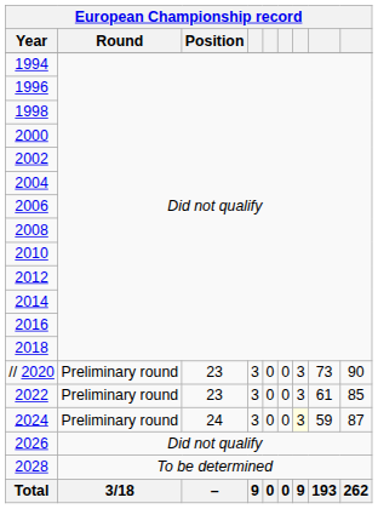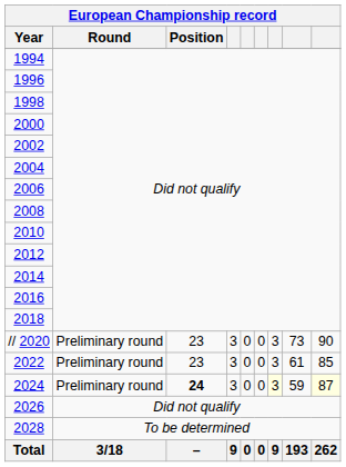 <table class="wikitable" style="text-align: center;">
 <tr>
 <th colspan=9><a href='#'>European Championship record</a></th>
 </tr>
 <tr>
 <th>Year</th>
 <th>Round</th>
 <th>Position</th>
 <th></th>
 <th></th>
 <th></th>
 <th></th>
 <th></th>
 <th></th>
 </tr>
 <tr>
 </tr>
 <tr>
 <td> <a href='#'>1994</a></td>
 <td colspan="8" rowspan="13"><em>Did not qualify</em></td>
 </tr>
 <tr>
 <td> <a href='#'>1996</a></td>
 </tr>
 <tr>
 <td> <a href='#'>1998</a></td>
 </tr>
 <tr>
 <td> <a href='#'>2000</a></td>
 </tr>
 <tr>
 <td> <a href='#'>2002</a></td>
 </tr>
 <tr>
 <td> <a href='#'>2004</a></td>
 </tr>
 <tr>
 <td> <a href='#'>2006</a></td>
 </tr>
 <tr>
 <td> <a href='#'>2008</a></td>
 </tr>
 <tr>
 <td> <a href='#'>2010</a></td>
 </tr>
 <tr>
 <td> <a href='#'>2012</a></td>
 </tr>
 <tr>
 <td> <a href='#'>2014</a></td>
 </tr>
 <tr>
 <td> <a href='#'>2016</a></td>
 </tr>
 <tr>
 <td> <a href='#'>2018</a></td>
 </tr>
 <tr>
 <td>// <a href='#'>2020</a></td>
 <td>Preliminary round</td>
 <td>23</td>
 <td>3</td>
 <td>0</td>
 <td>0</td>
 <td>3</td>
 <td>73</td>
 <td>90</td>
 </tr>
 <tr>
 <td> <a href='#'>2022</a></td>
 <td>Preliminary round</td>
 <td>23</td>
 <td>3</td>
 <td>0</td>
 <td>0</td>
 <td>3</td>
 <td>61</td>
 <td>85</td>
 </tr>
 <tr>
 <td> <a href='#'>2024</a></td>
 <td>Preliminary round</td>
-<td>24</td>
+<td><strong>24</strong></td>
 <td>3</td>
 <td>0</td>
 <td>0</td>
 <td style="background: lightyellow;">3</td>
 <td>59</td>
-<td>87</td>
+<td style="background: lightyellow;">87</td>
 </tr>
 <tr>
 <td> <a href='#'>2026</a></td>
 <td colspan="8"><em>Did not qualify</em></td>
 </tr>
 <tr>
 <td> <a href='#'>2028</a></td>
 <td colspan="8"><em>To be determined</em></td>
 </tr>
 <tr>
 <th>Total</th>
 <th>3/18</th>
 <th>–</th>
 <th>9</th>
 <th>0</th>
 <th>0</th>
 <th>9</th>
 <th>193</th>
 <th>262</th>
 </tr>
 </table>
